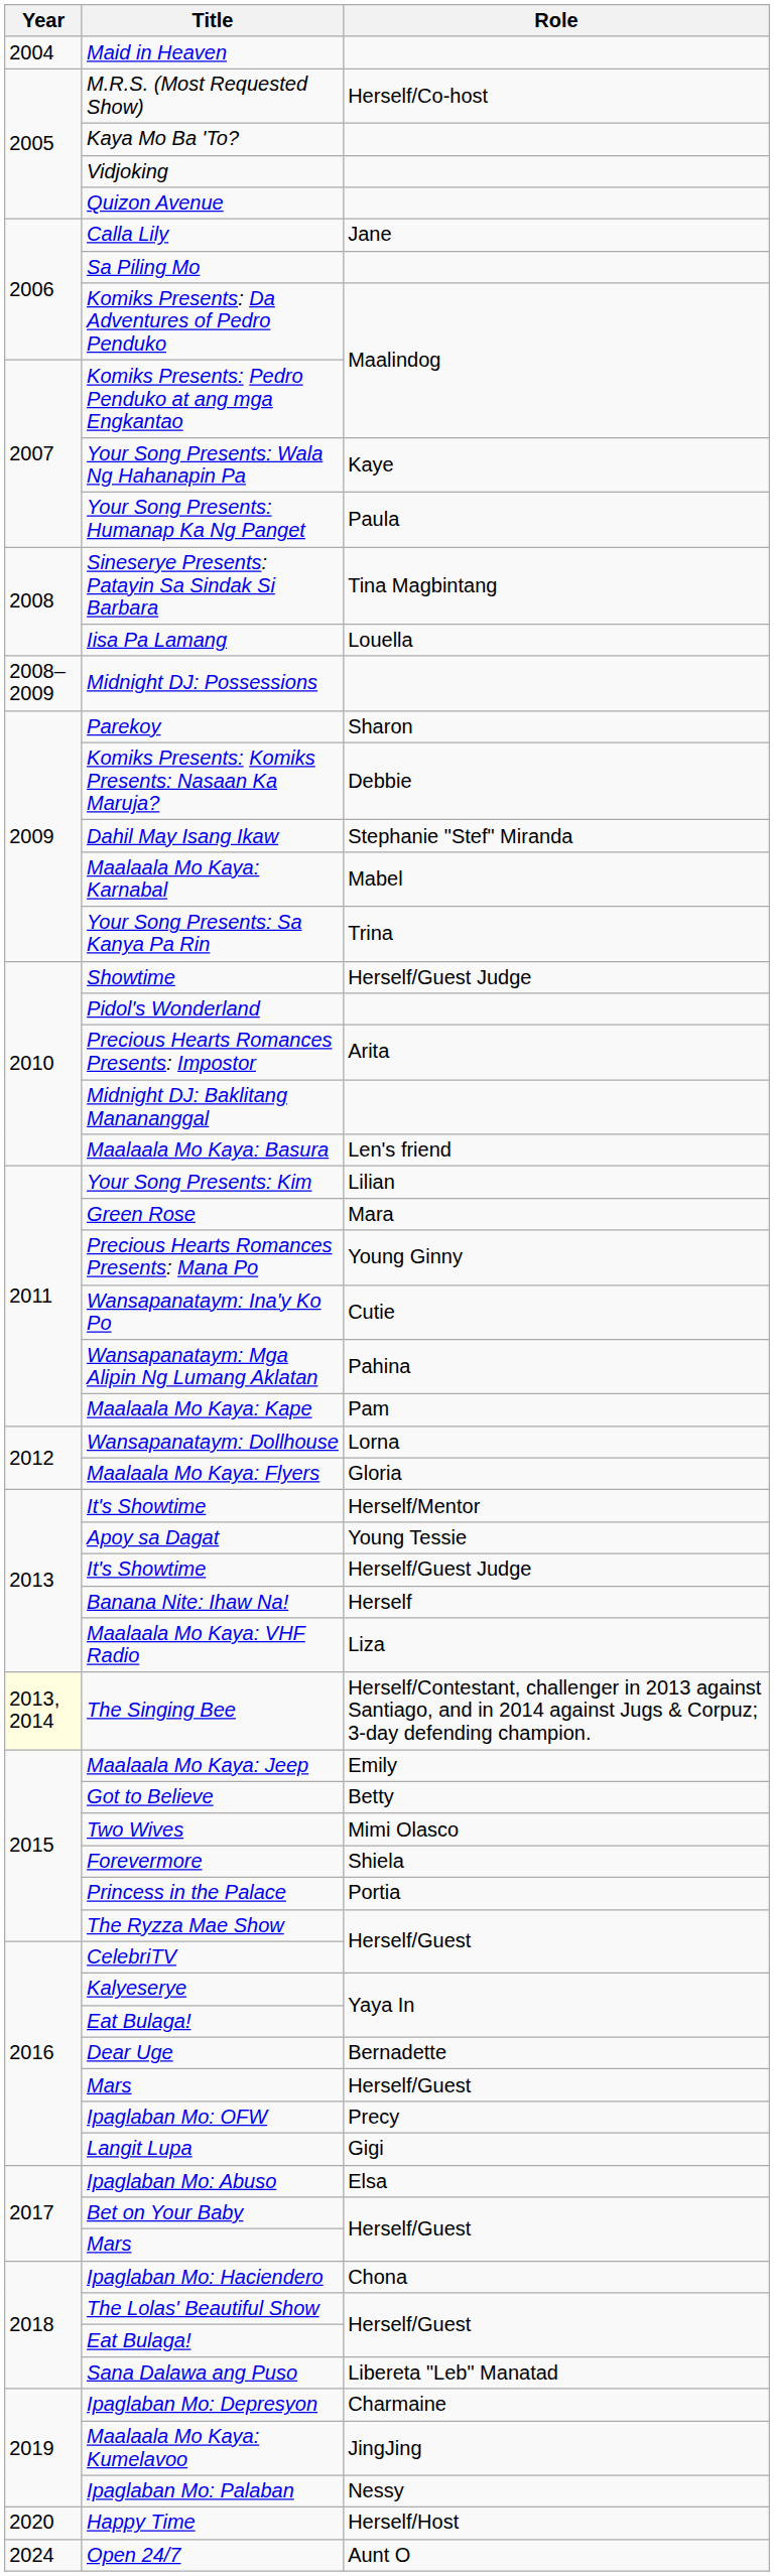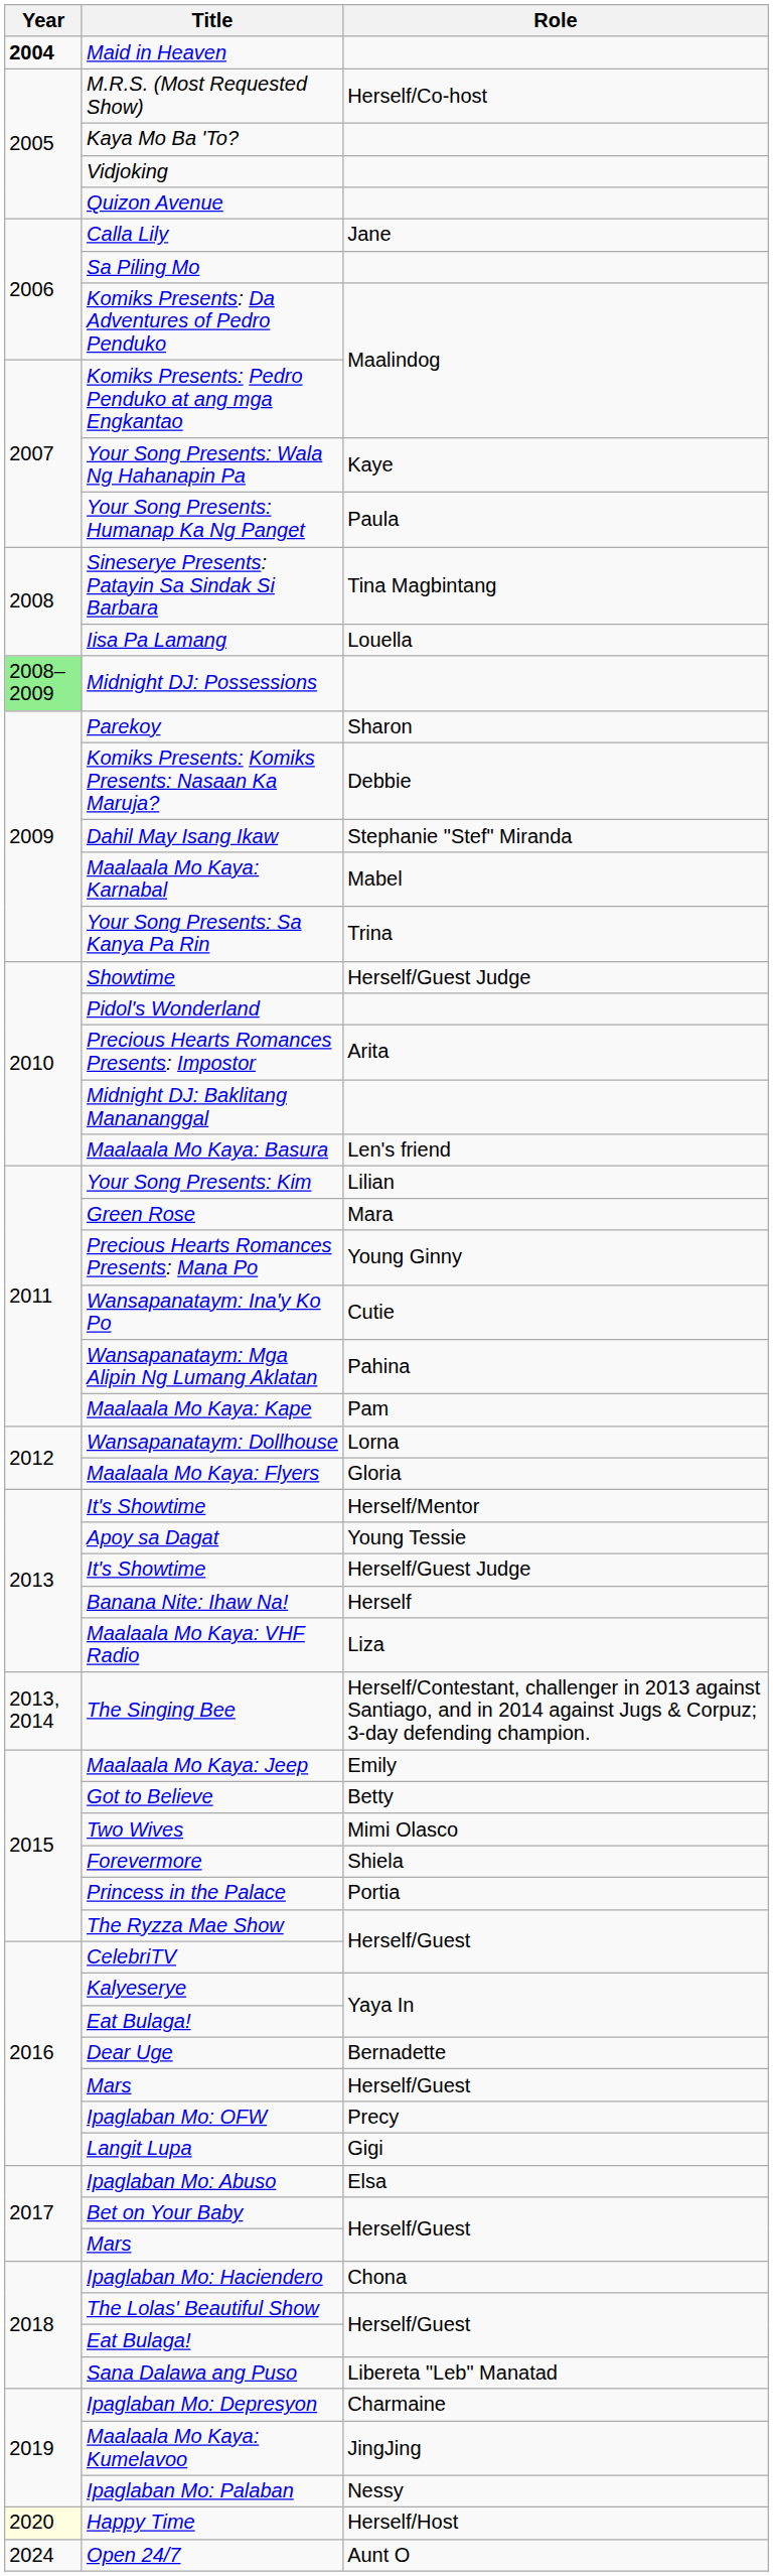 <table class="wikitable">
 <tr>
 <th>Year</th>
 <th>Title</th>
 <th>Role</th>
 </tr>
 <tr>
-<td>2004</td>
+<td><strong>2004</strong></td>
 <td><em><a href='#'>Maid in Heaven</a></em></td>
 <td></td>
 </tr>
 <tr>
 <td rowspan=4>2005</td>
 <td><em>M.R.S. (Most Requested Show)</em></td>
 <td>Herself/Co-host</td>
 </tr>
 <tr>
 <td><em>Kaya Mo Ba 'To?</em></td>
 <td></td>
 </tr>
 <tr>
 <td><em>Vidjoking</em></td>
 <td></td>
 </tr>
 <tr>
 <td><em><a href='#'>Quizon Avenue</a></em></td>
 <td></td>
 </tr>
 <tr>
 <td rowspan=3>2006</td>
 <td><em><a href='#'>Calla Lily</a></em></td>
 <td>Jane</td>
 </tr>
 <tr>
 <td><em><a href='#'>Sa Piling Mo</a></em></td>
 <td></td>
 </tr>
 <tr>
 <td><em><a href='#'>Komiks Presents</a>: <a href='#'>Da Adventures of Pedro Penduko</a></em></td>
 <td rowspan="2">Maalindog</td>
 </tr>
 <tr>
 <td rowspan=3>2007</td>
 <td><em><a href='#'>Komiks Presents:</a> <a href='#'>Pedro Penduko at ang mga Engkantao</a></em></td>
 </tr>
 <tr>
 <td><em><a href='#'>Your Song Presents: Wala Ng Hahanapin Pa</a></em></td>
 <td>Kaye</td>
 </tr>
 <tr>
 <td><em><a href='#'>Your Song Presents: Humanap Ka Ng Panget</a></em></td>
 <td>Paula</td>
 </tr>
 <tr>
 <td rowspan=2>2008</td>
 <td><em><a href='#'>Sineserye Presents</a>: <a href='#'>Patayin Sa Sindak Si Barbara</a></em></td>
 <td>Tina Magbintang</td>
 </tr>
 <tr>
 <td><em><a href='#'>Iisa Pa Lamang</a></em></td>
 <td>Louella</td>
 </tr>
 <tr>
-<td>2008–2009</td>
+<td style="background: lightgreen;">2008–2009</td>
 <td><em><a href='#'>Midnight DJ: Possessions</a></em></td>
 <td></td>
 </tr>
 <tr>
 <td rowspan=5>2009</td>
 <td><em><a href='#'>Parekoy</a></em></td>
 <td>Sharon</td>
 </tr>
 <tr>
 <td><em><a href='#'>Komiks Presents:</a> <a href='#'>Komiks Presents: Nasaan Ka Maruja?</a></em></td>
 <td>Debbie</td>
 </tr>
 <tr>
 <td><em><a href='#'>Dahil May Isang Ikaw</a></em></td>
 <td>Stephanie "Stef" Miranda</td>
 </tr>
 <tr>
 <td><em><a href='#'>Maalaala Mo Kaya: Karnabal</a></em></td>
 <td>Mabel</td>
 </tr>
 <tr>
 <td><em><a href='#'>Your Song Presents: Sa Kanya Pa Rin</a></em></td>
 <td>Trina</td>
 </tr>
 <tr>
 <td rowspan=5>2010</td>
 <td><em><a href='#'>Showtime</a></em></td>
 <td>Herself/Guest Judge</td>
 </tr>
 <tr>
 <td><em><a href='#'>Pidol's Wonderland</a></em></td>
 <td></td>
 </tr>
 <tr>
 <td><em><a href='#'>Precious Hearts Romances Presents</a>: <a href='#'>Impostor</a></em></td>
 <td>Arita</td>
 </tr>
 <tr>
 <td><em><a href='#'>Midnight DJ: Baklitang Manananggal</a></em></td>
 <td></td>
 </tr>
 <tr>
 <td><em><a href='#'>Maalaala Mo Kaya: Basura</a></em></td>
 <td>Len's friend</td>
 </tr>
 <tr>
 <td rowspan=6>2011</td>
 <td><em><a href='#'>Your Song Presents: Kim</a></em></td>
 <td>Lilian</td>
 </tr>
 <tr>
 <td><em><a href='#'>Green Rose</a></em></td>
 <td>Mara</td>
 </tr>
 <tr>
 <td><em><a href='#'>Precious Hearts Romances Presents</a>: <a href='#'>Mana Po</a></em></td>
 <td>Young Ginny</td>
 </tr>
 <tr>
 <td><em><a href='#'>Wansapanataym: Ina'y Ko Po</a></em></td>
 <td>Cutie</td>
 </tr>
 <tr>
 <td><em><a href='#'>Wansapanataym: Mga Alipin Ng Lumang Aklatan</a></em></td>
 <td>Pahina</td>
 </tr>
 <tr>
 <td><em><a href='#'>Maalaala Mo Kaya: Kape</a></em></td>
 <td>Pam</td>
 </tr>
 <tr>
 <td rowspan=2>2012</td>
 <td><em><a href='#'>Wansapanataym: Dollhouse</a></em></td>
 <td>Lorna</td>
 </tr>
 <tr>
 <td><em><a href='#'>Maalaala Mo Kaya: Flyers</a></em></td>
 <td>Gloria</td>
 </tr>
 <tr>
 <td rowspan=5>2013</td>
 <td><em><a href='#'>It's Showtime</a></em></td>
 <td>Herself/Mentor</td>
 </tr>
 <tr>
 <td><em><a href='#'>Apoy sa Dagat</a></em></td>
 <td>Young Tessie</td>
 </tr>
 <tr>
 <td><em><a href='#'>It's Showtime</a></em></td>
 <td>Herself/Guest Judge</td>
 </tr>
 <tr>
 <td><em><a href='#'>Banana Nite: Ihaw Na!</a></em></td>
 <td>Herself</td>
 </tr>
 <tr>
 <td><em><a href='#'>Maalaala Mo Kaya: VHF Radio</a></em></td>
 <td>Liza</td>
 </tr>
 <tr>
-<td style="background: lightyellow;">2013, 2014</td>
+<td>2013, 2014</td>
 <td><em><a href='#'>The Singing Bee</a></em></td>
 <td>Herself/Contestant, challenger in 2013 against Santiago, and in 2014 against Jugs & Corpuz; 3-day defending champion.</td>
 </tr>
 <tr>
 <td rowspan=6>2015</td>
 <td><em><a href='#'>Maalaala Mo Kaya: Jeep</a></em></td>
 <td>Emily</td>
 </tr>
 <tr>
 <td><em><a href='#'>Got to Believe</a></em></td>
 <td>Betty</td>
 </tr>
 <tr>
 <td><em><a href='#'>Two Wives</a></em></td>
 <td>Mimi Olasco</td>
 </tr>
 <tr>
 <td><em><a href='#'>Forevermore</a></em></td>
 <td>Shiela</td>
 </tr>
 <tr>
 <td><em><a href='#'>Princess in the Palace</a></em></td>
 <td>Portia</td>
 </tr>
 <tr>
 <td><em><a href='#'>The Ryzza Mae Show</a></em></td>
 <td rowspan="2">Herself/Guest</td>
 </tr>
 <tr>
 <td rowspan="7">2016</td>
 <td><em><a href='#'>CelebriTV</a></em></td>
 </tr>
 <tr>
 <td><em><a href='#'>Kalyeserye</a></em></td>
 <td rowspan="2">Yaya In</td>
 </tr>
 <tr>
 <td><em><a href='#'>Eat Bulaga!</a></em></td>
 </tr>
 <tr>
 <td><em><a href='#'>Dear Uge</a></em></td>
 <td>Bernadette</td>
 </tr>
 <tr>
 <td><em><a href='#'>Mars</a></em></td>
 <td>Herself/Guest</td>
 </tr>
 <tr>
 <td><em><a href='#'>Ipaglaban Mo: OFW</a></em></td>
 <td>Precy</td>
 </tr>
 <tr>
 <td><em><a href='#'>Langit Lupa</a></em></td>
 <td>Gigi</td>
 </tr>
 <tr>
 <td rowspan="3">2017</td>
 <td><em><a href='#'>Ipaglaban Mo: Abuso</a></em></td>
 <td>Elsa</td>
 </tr>
 <tr>
 <td><em><a href='#'>Bet on Your Baby</a></em></td>
 <td rowspan="2">Herself/Guest</td>
 </tr>
 <tr>
 <td><em><a href='#'>Mars</a></em></td>
 </tr>
 <tr>
 <td rowspan="4">2018</td>
 <td><em><a href='#'>Ipaglaban Mo: Haciendero</a></em></td>
 <td>Chona</td>
 </tr>
 <tr>
 <td><em><a href='#'>The Lolas' Beautiful Show</a></em></td>
 <td rowspan="2">Herself/Guest</td>
 </tr>
 <tr>
 <td><em><a href='#'>Eat Bulaga!</a></em></td>
 </tr>
 <tr>
 <td><em><a href='#'>Sana Dalawa ang Puso</a></em></td>
 <td>Libereta "Leb" Manatad</td>
 </tr>
 <tr>
 <td rowspan=3>2019</td>
 <td><em><a href='#'>Ipaglaban Mo: Depresyon</a></em></td>
 <td>Charmaine</td>
 </tr>
 <tr>
 <td><em><a href='#'>Maalaala Mo Kaya: Kumelavoo</a></em></td>
 <td>JingJing</td>
 </tr>
 <tr>
 <td><em><a href='#'>Ipaglaban Mo: Palaban</a></em></td>
 <td>Nessy</td>
 </tr>
 <tr>
-<td>2020</td>
+<td style="background: lightyellow;">2020</td>
 <td><em><a href='#'>Happy Time</a></em></td>
 <td>Herself/Host</td>
 </tr>
 <tr>
 <td>2024</td>
 <td><a href='#'><em>Open 24/7</em></a></td>
 <td>Aunt O</td>
 </tr>
 </table>
